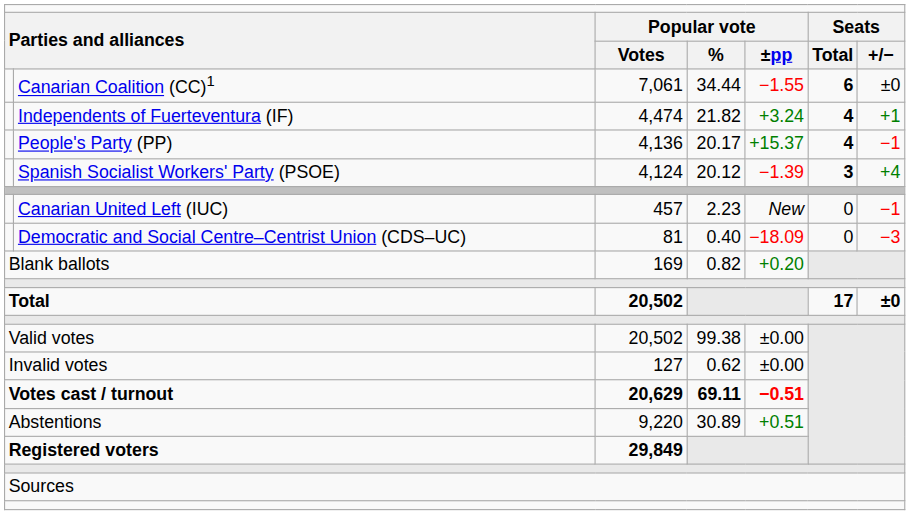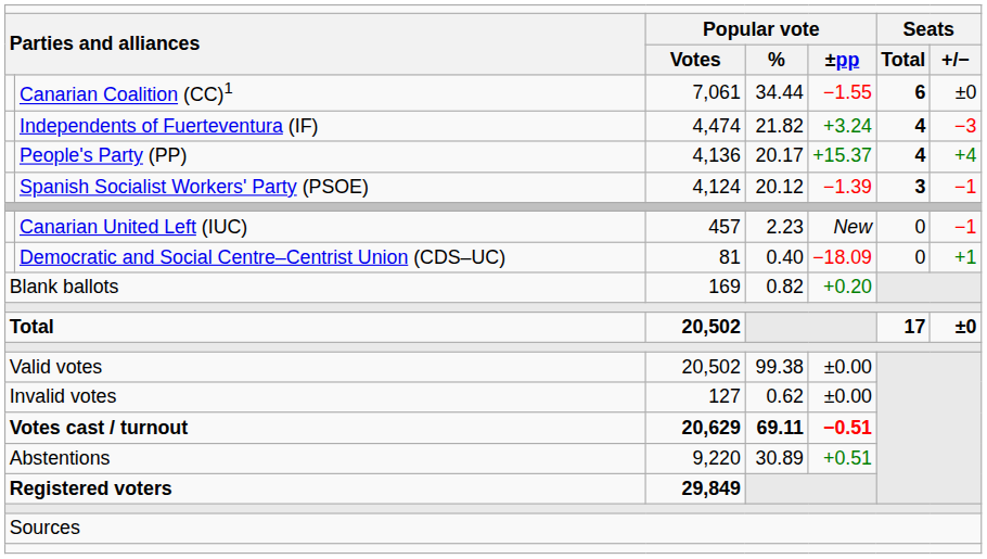 <table class="wikitable" style="text-align:right;">
 <tr>
 <td colspan="7"></td>
 </tr>
 <tr>
 <th style="text-align:left;" rowspan="2" colspan="2" width="525">Parties and alliances</th>
 <th colspan="3">Popular vote</th>
 <th colspan="2">Seats</th>
 </tr>
 <tr>
 <th width="75">Votes</th>
 <th width="45">%</th>
 <th width="45">±<a href='#'>pp</a></th>
 <th width="35">Total</th>
 <th width="35">+/−</th>
 </tr>
 <tr>
 <td width="1" style="color:inherit;background:"></td>
 <td align="left"><a href='#'>Canarian Coalition</a> (CC)<sup>1</sup></td>
 <td>7,061</td>
 <td>34.44</td>
 <td style="color:red;">−1.55</td>
 <td><strong>6</strong></td>
 <td>±0</td>
 </tr>
 <tr>
 <td style="color:inherit;background:"></td>
 <td align="left"><a href='#'>Independents of Fuerteventura</a> (IF)</td>
 <td>4,474</td>
 <td>21.82</td>
 <td style="color:green;">+3.24</td>
 <td><strong>4</strong></td>
-<td style="color:green;">+1</td>
+<td style="color:red;">−3</td>
 </tr>
 <tr>
 <td style="color:inherit;background:"></td>
 <td align="left"><a href='#'>People's Party</a> (PP)</td>
 <td>4,136</td>
 <td>20.17</td>
 <td style="color:green;">+15.37</td>
 <td><strong>4</strong></td>
-<td style="color:red;">−1</td>
+<td style="color:green;">+4</td>
 </tr>
 <tr>
 <td style="color:inherit;background:"></td>
 <td align="left"><a href='#'>Spanish Socialist Workers' Party</a> (PSOE)</td>
 <td>4,124</td>
 <td>20.12</td>
 <td style="color:red;">−1.39</td>
 <td><strong>3</strong></td>
-<td style="color:green;">+4</td>
+<td style="color:red;">−1</td>
 </tr>
 <tr>
 <td colspan="7" bgcolor="#C0C0C0"></td>
 </tr>
 <tr>
 <td style="color:inherit;background:"></td>
 <td align="left"><a href='#'>Canarian United Left</a> (IUC)</td>
 <td>457</td>
 <td>2.23</td>
 <td><em>New</em></td>
 <td>0</td>
 <td style="color:red;">−1</td>
 </tr>
 <tr>
 <td style="color:inherit;background:"></td>
 <td align="left"><a href='#'>Democratic and Social Centre–Centrist Union</a> (CDS–UC)</td>
 <td>81</td>
 <td>0.40</td>
 <td style="color:red;">−18.09</td>
 <td>0</td>
-<td style="color:red;">−3</td>
+<td style="color:green;">+1</td>
 </tr>
 <tr>
 <td align="left" colspan="2">Blank ballots</td>
 <td>169</td>
 <td>0.82</td>
 <td style="color:green;">+0.20</td>
 <td bgcolor="#E9E9E9" colspan="2"></td>
 </tr>
 <tr>
 <td colspan="7" bgcolor="#E9E9E9"></td>
 </tr>
 <tr style="font-weight:bold;">
 <td align="left" colspan="2">Total</td>
 <td>20,502</td>
 <td bgcolor="#E9E9E9" colspan="2"></td>
 <td>17</td>
 <td>±0</td>
 </tr>
 <tr>
 <td colspan="7" bgcolor="#E9E9E9"></td>
 </tr>
 <tr>
 <td align="left" colspan="2">Valid votes</td>
 <td>20,502</td>
 <td>99.38</td>
 <td>±0.00</td>
 <td bgcolor="#E9E9E9" colspan="2" rowspan="5"></td>
 </tr>
 <tr>
 <td align="left" colspan="2">Invalid votes</td>
 <td>127</td>
 <td>0.62</td>
 <td>±0.00</td>
 </tr>
 <tr style="font-weight:bold;">
 <td align="left" colspan="2">Votes cast / turnout</td>
 <td>20,629</td>
 <td>69.11</td>
 <td style="color:red;">−0.51</td>
 </tr>
 <tr>
 <td align="left" colspan="2">Abstentions</td>
 <td>9,220</td>
 <td>30.89</td>
 <td style="color:green;">+0.51</td>
 </tr>
 <tr style="font-weight:bold;">
 <td align="left" colspan="2">Registered voters</td>
 <td>29,849</td>
 <td bgcolor="#E9E9E9" colspan="2"></td>
 </tr>
 <tr>
 <td colspan="7" bgcolor="#E9E9E9"></td>
 </tr>
 <tr>
 <td align="left" colspan="7">Sources</td>
 </tr>
 <tr>
 <td colspan="7" style="text-align:left; max-width:790px;"></td>
 </tr>
 </table>
